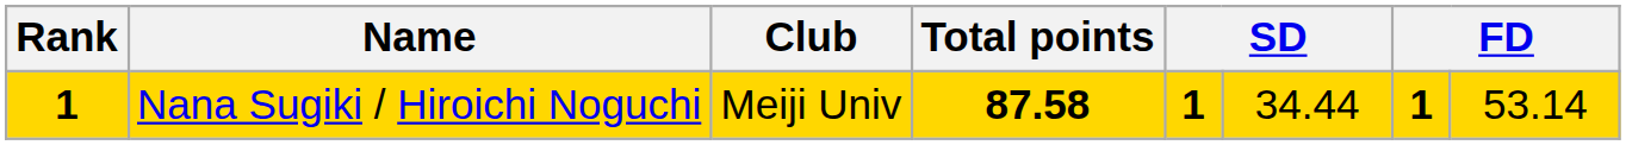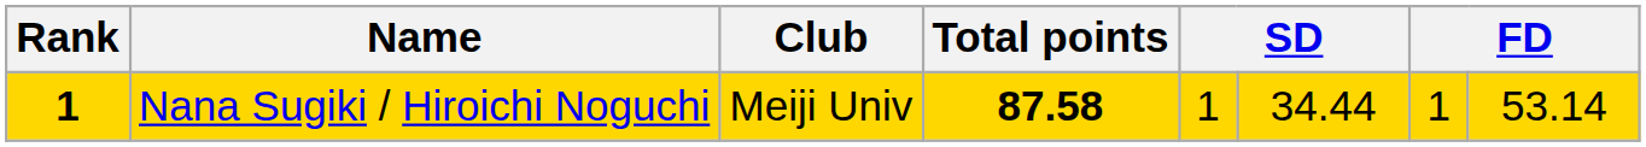 <table class="wikitable sortable">
 <tr>
 <th>Rank</th>
 <th>Name</th>
 <th>Club</th>
 <th>Total points</th>
 <th colspan="2" width="80px"><a href='#'>SD</a></th>
 <th colspan="2" width="80px"><a href='#'>FD</a></th>
 </tr>
 <tr bgcolor="gold">
 <td align="center"><strong>1</strong></td>
 <td><a href='#'>Nana Sugiki</a> / <a href='#'>Hiroichi Noguchi</a></td>
 <td>Meiji Univ</td>
 <td align="center"><strong>87.58</strong></td>
-<td align="center"><strong>1</strong></td>
+<td align="center">1</td>
 <td align="center">34.44</td>
-<td align="center"><strong>1</strong></td>
+<td align="center">1</td>
 <td align="center">53.14</td>
 </tr>
 </table>
